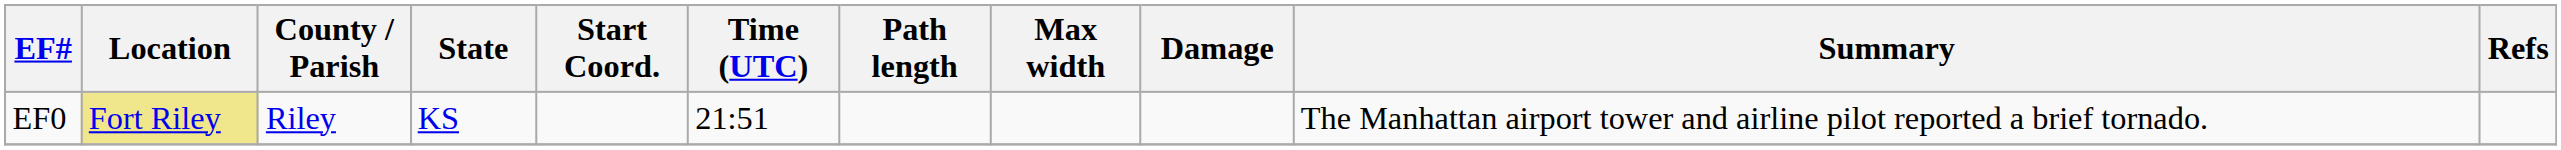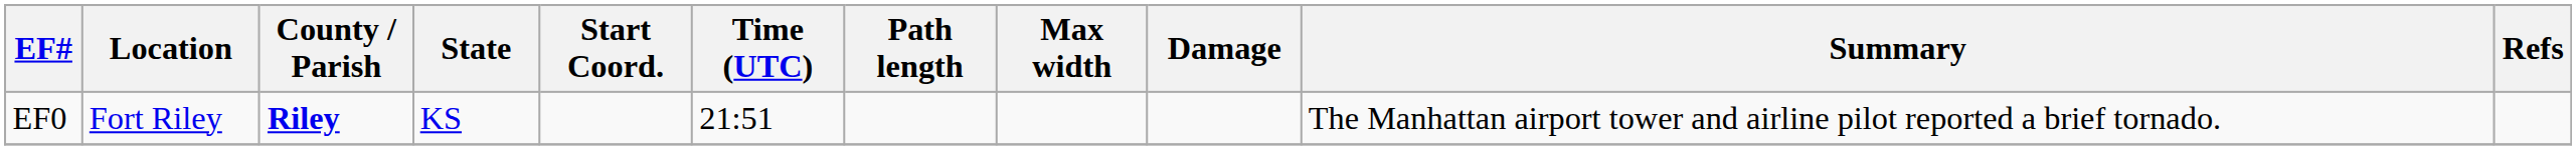 <table class="wikitable sortable" style="width:100%;">
 <tr>
 <th scope="col"  style="width:3%; text-align:center;"><a href='#'>EF#</a></th>
 <th scope="col"  style="width:7%; text-align:center;" class="unsortable">Location</th>
 <th scope="col"  style="width:6%; text-align:center;" class="unsortable">County / Parish</th>
 <th scope="col"  style="width:5%; text-align:center;">State</th>
 <th scope="col"  style="width:6%; text-align:center;">Start Coord.</th>
 <th scope="col"  style="width:6%; text-align:center;">Time (<a href='#'>UTC</a>)</th>
 <th scope="col"  style="width:6%; text-align:center;">Path length</th>
 <th scope="col"  style="width:6%; text-align:center;">Max width</th>
 <th scope="col"  style="width:6%; text-align:center;">Damage</th>
 <th scope="col" class="unsortable" style="width:48%; text-align:center;">Summary</th>
 <th scope="col" class="unsortable" style="width:48%; text-align:center;">Refs</th>
 </tr>
 <tr>
 <td>EF0</td>
-<td style="background: khaki;"><a href='#'>Fort Riley</a></td>
-<td><a href='#'>Riley</a></td>
+<td><a href='#'>Fort Riley</a></td>
+<td><strong><a href='#'>Riley</a></strong></td>
 <td><a href='#'>KS</a></td>
 <td></td>
 <td>21:51</td>
 <td></td>
 <td></td>
 <td></td>
 <td>The Manhattan airport tower and airline pilot reported a brief tornado.</td>
 <td></td>
 </tr>
 <tr>
 </tr>
 </table>
